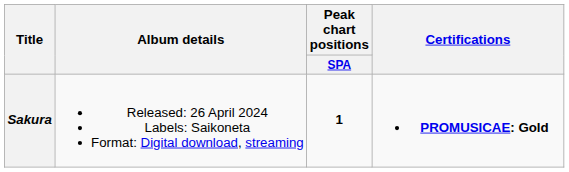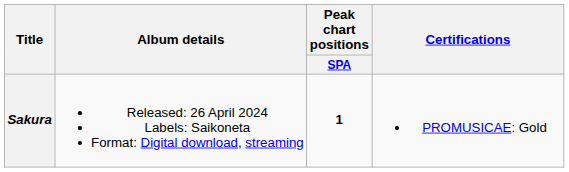 <table class="wikitable plainrowheaders" style="text-align: center;">
 <tr>
 <th scope="col" rowspan="2">Title</th>
 <th scope="col" rowspan="2">Album details</th>
 <th scope="col" colspan="1">Peak chart positions</th>
 <th scope="col" rowspan="2" style="width:14em;"><a href='#'>Certifications</a></th>
 </tr>
 <tr>
 <th scope="col" style="width:3em;font-size:90%;"><a href='#'>SPA</a></th>
 </tr>
 <tr>
 <th scope="row"><em>Sakura</em></th>
 <td><br><ul><li>Released: 26 April 2024</li><li>Labels: Saikoneta</li><li>Format: <a href='#'>Digital download</a>, <a href='#'>streaming</a></li></ul></td>
 <td><strong>1</strong></td>
-<td><strong><br><ul><li><a href='#'>PROMUSICAE</a>: Gold</li></ul></strong></td>
+<td><br><ul><li><a href='#'>PROMUSICAE</a>: Gold</li></ul></td>
 </tr>
 </table>
